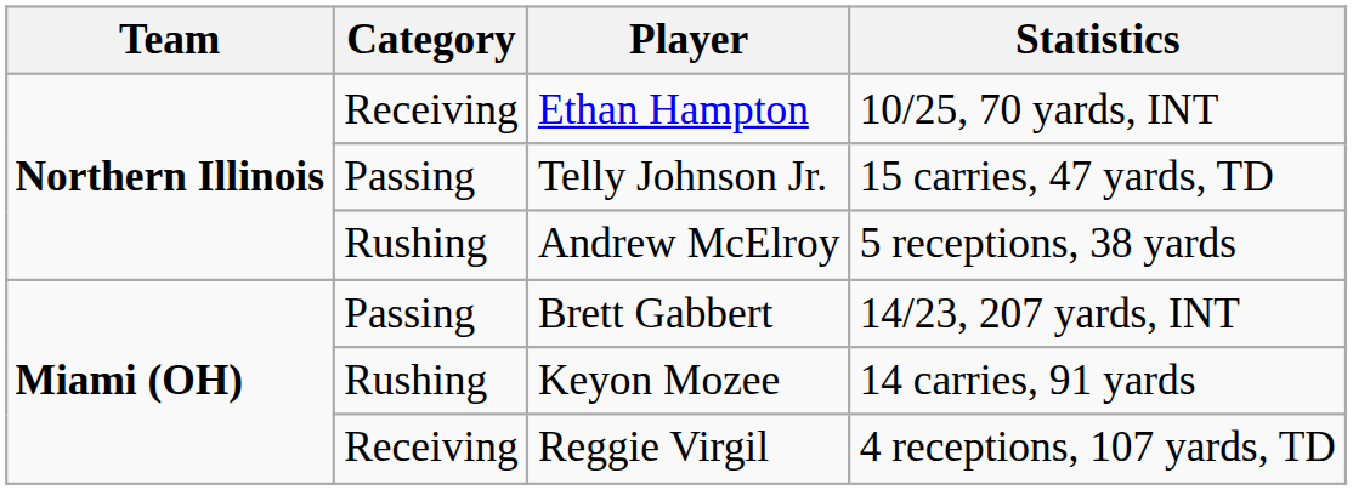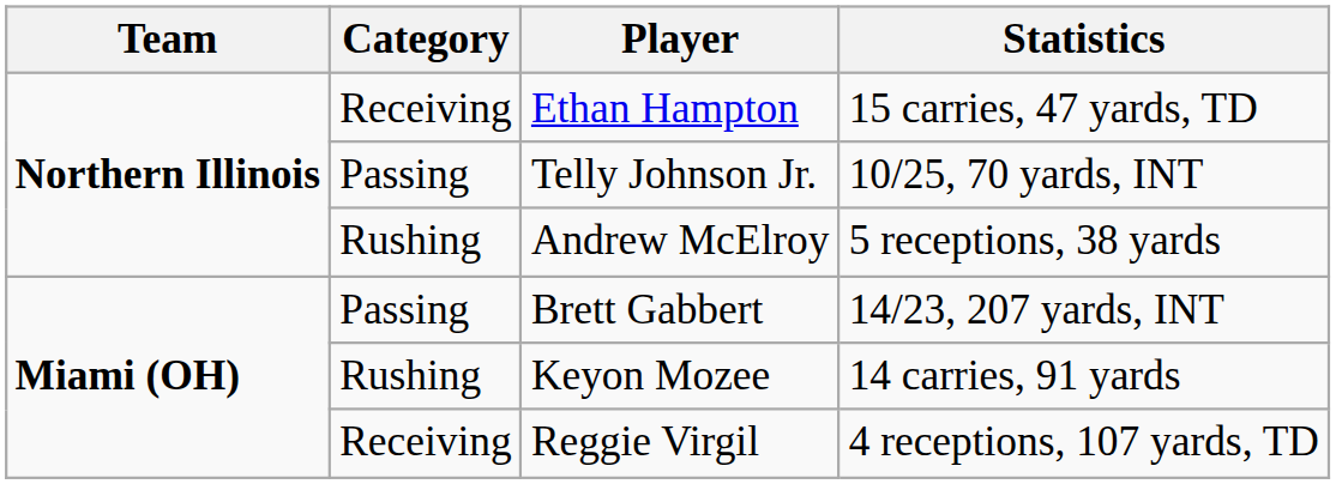 <table class="wikitable" style="float: right;">
 <tr>
 <th>Team</th>
 <th>Category</th>
 <th>Player</th>
 <th>Statistics</th>
 </tr>
 <tr>
 <td rowspan=3><strong>Northern Illinois</strong></td>
 <td>Receiving</td>
 <td><a href='#'>Ethan Hampton</a></td>
-<td>10/25, 70 yards, INT</td>
+<td>15 carries, 47 yards, TD</td>
 </tr>
 <tr>
 <td>Passing</td>
 <td>Telly Johnson Jr.</td>
-<td>15 carries, 47 yards, TD</td>
+<td>10/25, 70 yards, INT</td>
 </tr>
 <tr>
 <td>Rushing</td>
 <td>Andrew McElroy</td>
 <td>5 receptions, 38 yards</td>
 </tr>
 <tr>
 <td rowspan=3><strong>Miami (OH)</strong></td>
 <td>Passing</td>
 <td>Brett Gabbert</td>
 <td>14/23, 207 yards, INT</td>
 </tr>
 <tr>
 <td>Rushing</td>
 <td>Keyon Mozee</td>
 <td>14 carries, 91 yards</td>
 </tr>
 <tr>
 <td>Receiving</td>
 <td>Reggie Virgil</td>
 <td>4 receptions, 107 yards, TD</td>
 </tr>
 </table>
